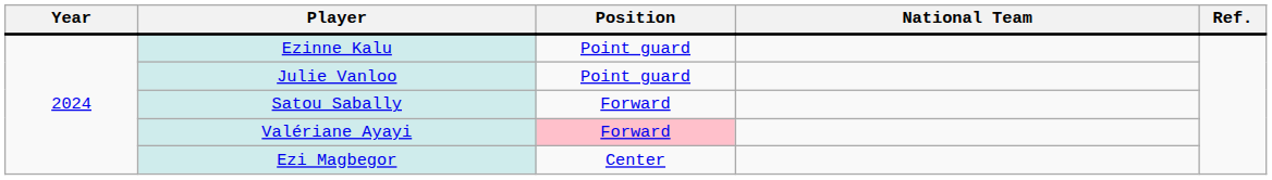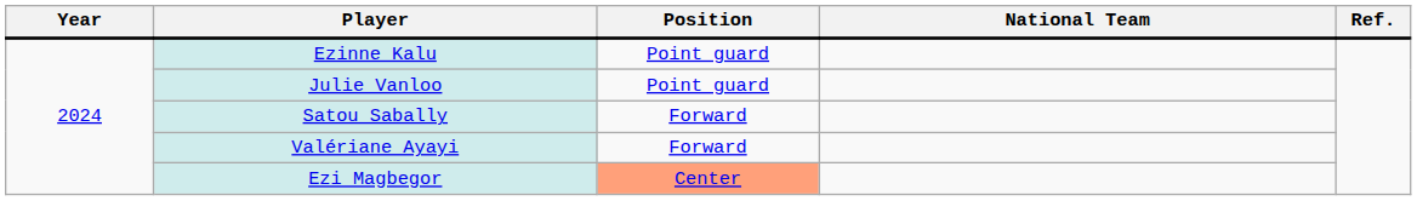 <table class="wikitable" style="width: 70%; text-align:center; font-size:90%">
 <tr>
 <th width=10%>Year</th>
 <th width=30%>Player</th>
 <th width=15%>Position</th>
 <th width=35%>National Team</th>
 <th width=5%>Ref.</th>
 </tr>
 <tr style = "border-top:2px solid black;">
 <td rowspan=5><a href='#'>2024</a></td>
 <td style="background-color:#CFECEC; align=center"><a href='#'>Ezinne Kalu</a></td>
 <td align=center><a href='#'>Point guard</a></td>
 <td align=center></td>
 <td rowspan=5></td>
 </tr>
 <tr>
 <td style="background-color:#CFECEC; align=center"><a href='#'>Julie Vanloo</a></td>
 <td align=center><a href='#'>Point guard</a></td>
 <td align=center></td>
 </tr>
 <tr>
 <td style="background-color:#CFECEC; align=center"><a href='#'>Satou Sabally</a></td>
 <td align=center><a href='#'>Forward</a></td>
 <td align=center></td>
 </tr>
 <tr>
 <td style="background-color:#CFECEC; align=center"><a href='#'>Valériane Ayayi</a></td>
-<td align=center style="background: pink;"><a href='#'>Forward</a></td>
+<td align=center><a href='#'>Forward</a></td>
 <td align=center></td>
 </tr>
 <tr>
 <td style="background-color:#CFECEC; align=center"><a href='#'>Ezi Magbegor</a></td>
-<td align=center><a href='#'>Center</a></td>
+<td align=center style="background: lightsalmon;"><a href='#'>Center</a></td>
 <td align=center></td>
 </tr>
 </table>
